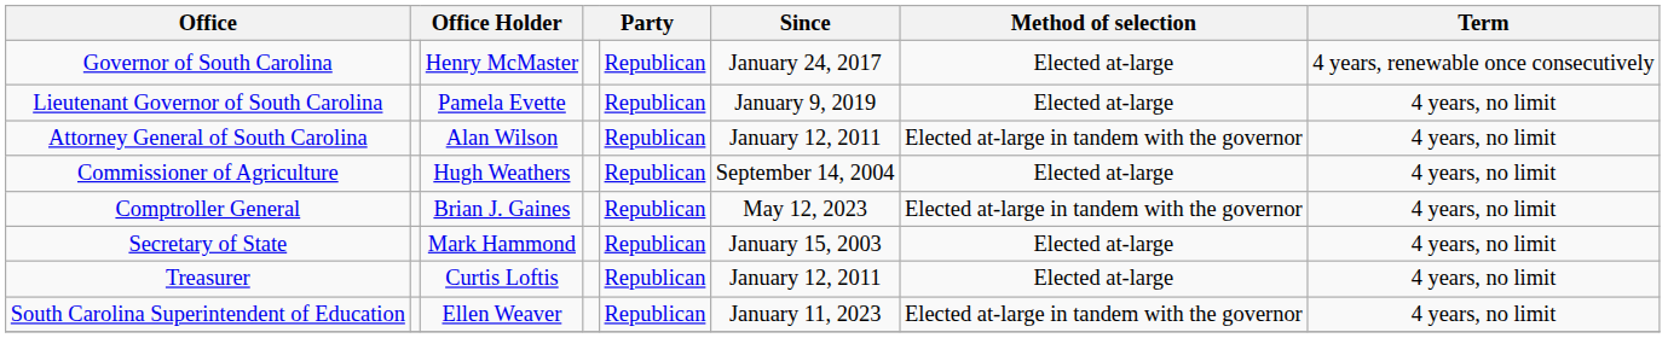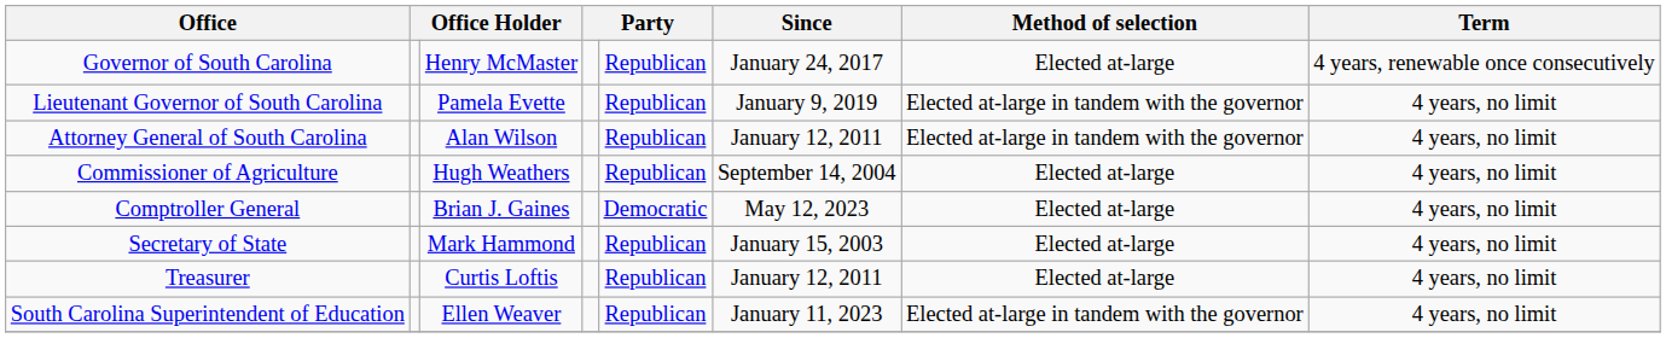 <table class="wikitable sortable" style="text-align: center;">
 <tr>
 <th>Office</th>
 <th scope="col" colspan="2">Office Holder</th>
 <th scope="col" colspan="2">Party</th>
 <th>Since</th>
 <th>Method of selection</th>
 <th>Term</th>
 </tr>
 <tr style="height:2em;">
 <td><a href='#'>Governor of South Carolina</a></td>
 <td></td>
 <td><a href='#'>Henry McMaster</a></td>
 <td style="background:"> </td>
 <td><a href='#'>Republican</a></td>
 <td>January 24, 2017</td>
 <td>Elected at-large</td>
 <td>4 years, renewable once consecutively</td>
 </tr>
 <tr>
 <td><a href='#'>Lieutenant Governor of South Carolina</a></td>
 <td></td>
 <td><a href='#'>Pamela Evette</a></td>
 <td style="background:"> </td>
 <td><a href='#'>Republican</a></td>
 <td>January 9, 2019</td>
-<td>Elected at-large</td>
+<td>Elected at-large in tandem with the governor</td>
 <td>4 years, no limit</td>
 </tr>
 <tr>
 <td><a href='#'>Attorney General of South Carolina</a></td>
 <td></td>
 <td><a href='#'>Alan Wilson</a></td>
 <td style="background:"> </td>
 <td><a href='#'>Republican</a></td>
 <td>January 12, 2011</td>
 <td>Elected at-large in tandem with the governor</td>
 <td>4 years, no limit</td>
 </tr>
 <tr>
 <td><a href='#'>Commissioner of Agriculture</a></td>
 <td></td>
 <td><a href='#'>Hugh Weathers</a></td>
 <td style="background:"> </td>
 <td><a href='#'>Republican</a></td>
 <td>September 14, 2004</td>
 <td>Elected at-large</td>
 <td>4 years, no limit</td>
 </tr>
 <tr>
 <td><a href='#'>Comptroller General</a></td>
 <td></td>
 <td><a href='#'>Brian J. Gaines</a></td>
 <td style="background:"> </td>
-<td><a href='#'>Republican</a></td>
+<td><a href='#'>Democratic</a></td>
 <td>May 12, 2023</td>
-<td>Elected at-large in tandem with the governor</td>
+<td>Elected at-large</td>
 <td>4 years, no limit</td>
 </tr>
 <tr>
 <td><a href='#'>Secretary of State</a></td>
 <td></td>
 <td><a href='#'>Mark Hammond</a></td>
 <td style="background:"> </td>
 <td><a href='#'>Republican</a></td>
 <td>January 15, 2003</td>
 <td>Elected at-large</td>
 <td>4 years, no limit</td>
 </tr>
 <tr>
 <td><a href='#'>Treasurer</a></td>
 <td></td>
 <td><a href='#'>Curtis Loftis</a></td>
 <td style="background:"> </td>
 <td><a href='#'>Republican</a></td>
 <td>January 12, 2011</td>
 <td>Elected at-large</td>
 <td>4 years, no limit</td>
 </tr>
 <tr>
 <td><a href='#'>South Carolina Superintendent of Education</a></td>
 <td></td>
 <td><a href='#'>Ellen Weaver</a></td>
 <td style="background:"> </td>
 <td><a href='#'>Republican</a></td>
 <td>January 11, 2023</td>
 <td>Elected at-large in tandem with the governor</td>
 <td>4 years, no limit</td>
 </tr>
 <tr>
 </tr>
 </table>
